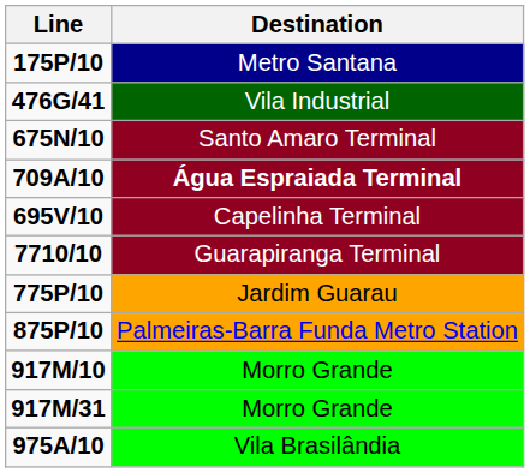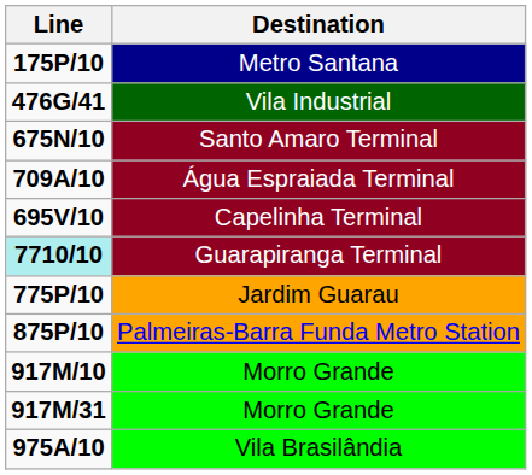 <table class="wikitable">
 <tr>
 <th align="center">Line</th>
 <th align="center">Destination</th>
 </tr>
 <tr>
 <td align="center"><strong>175P/10</strong></td>
 <td align="center" bgcolor="darkblue" style="color:white">Metro Santana</td>
 </tr>
 <tr>
 <td align="center"><strong>476G/41</strong></td>
 <td align="center" bgcolor="#006400" style="color:white">Vila Industrial</td>
 </tr>
 <tr>
 <td align="center"><strong>675N/10</strong></td>
 <td align="center" bgcolor="#900020" style="color:white">Santo Amaro Terminal</td>
 </tr>
 <tr>
 <td align="center"><strong>709A/10</strong></td>
-<td align="center" bgcolor="#900020" style="color:white"><strong>Água Espraiada Terminal</strong></td>
+<td align="center" bgcolor="#900020" style="color:white">Água Espraiada Terminal</td>
 </tr>
 <tr>
 <td align="center"><strong>695V/10</strong></td>
 <td align="center" bgcolor="#900020" style="color:white">Capelinha Terminal</td>
 </tr>
 <tr>
-<td align="center"><strong>7710/10</strong></td>
+<td align="center" style="background: paleturquoise;"><strong>7710/10</strong></td>
 <td align="center" bgcolor="#900020" style="color:white">Guarapiranga Terminal</td>
 </tr>
 <tr>
 <td align="center"><strong>775P/10</strong></td>
 <td align="center" bgcolor="orange">Jardim Guarau</td>
 </tr>
 <tr>
 <td align="center"><strong>875P/10</strong></td>
 <td align="center" bgcolor="orange"><a href='#'>Palmeiras-Barra Funda Metro Station</a></td>
 </tr>
 <tr>
 <td align="center"><strong>917M/10</strong></td>
 <td align="center" bgcolor="#00FF00">Morro Grande</td>
 </tr>
 <tr>
 <td align="center"><strong>917M/31</strong></td>
 <td align="center" bgcolor="#00FF00">Morro Grande</td>
 </tr>
 <tr>
 <td align="center"><strong>975A/10</strong></td>
 <td align="center" bgcolor="#00FF00">Vila Brasilândia</td>
 </tr>
 </table>
